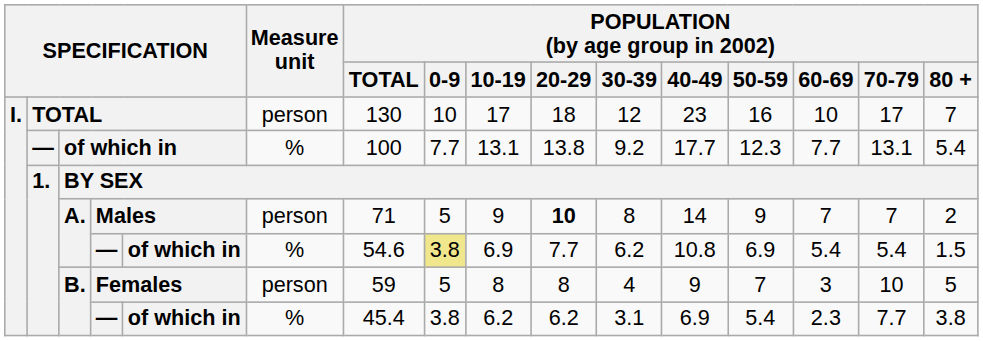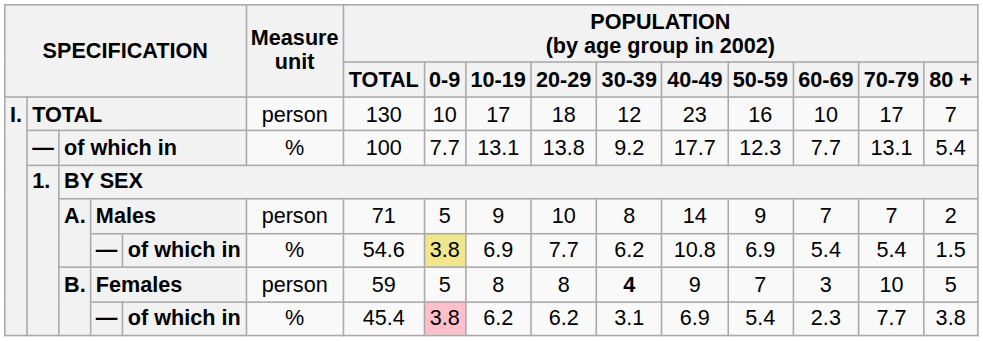 <table class="wikitable" style="font-size:85%; text-align:center">
 <tr>
 <th rowspan="2" colspan="5">SPECIFICATION</th>
 <th rowspan="2">Measure<br> unit</th>
 <th colspan="10" rowspan="1">POPULATION<br> (by age group in 2002)</th>
 </tr>
 <tr>
 <th>TOTAL</th>
 <th>0-9</th>
 <th>10-19</th>
 <th>20-29</th>
 <th>30-39</th>
 <th>40-49</th>
 <th>50-59</th>
 <th>60-69</th>
 <th>70-79</th>
 <th>80 +</th>
 </tr>
 <tr>
 <th style="text-align:left" valign="top" rowspan="7">I.</th>
 <th style="text-align:left" colspan="4">TOTAL</th>
 <td>person</td>
 <td>130</td>
 <td>10</td>
 <td>17</td>
 <td>18</td>
 <td>12</td>
 <td>23</td>
 <td>16</td>
 <td>10</td>
 <td>17</td>
 <td>7</td>
 </tr>
 <tr>
 <th style="text-align:left" valign="top">—</th>
 <th style="text-align:left" colspan="3">of which in</th>
 <td>%</td>
 <td>100</td>
 <td>7.7</td>
 <td>13.1</td>
 <td>13.8</td>
 <td>9.2</td>
 <td>17.7</td>
 <td>12.3</td>
 <td>7.7</td>
 <td>13.1</td>
 <td>5.4</td>
 </tr>
 <tr>
 <th style="text-align:left" valign="top" rowspan="5">1.</th>
 <th style="text-align:left" colspan="14">BY SEX</th>
 </tr>
 <tr>
 <th style="text-align:left" valign="top" rowspan="2">A.</th>
 <th style="text-align:left" colspan="2">Males</th>
 <td>person</td>
 <td>71</td>
 <td>5</td>
 <td>9</td>
-<td><strong>10</strong></td>
+<td>10</td>
 <td>8</td>
 <td>14</td>
 <td>9</td>
 <td>7</td>
 <td>7</td>
 <td>2</td>
 </tr>
 <tr>
 <th style="text-align:left" valign="top">—</th>
 <th style="text-align:left" colspan="1">of which in</th>
 <td>%</td>
 <td>54.6</td>
 <td style="background: khaki;">3.8</td>
 <td>6.9</td>
 <td>7.7</td>
 <td>6.2</td>
 <td>10.8</td>
 <td>6.9</td>
 <td>5.4</td>
 <td>5.4</td>
 <td>1.5</td>
 </tr>
 <tr>
 <th style="text-align:left" valign="top" rowspan="2">B.</th>
 <th style="text-align:left" colspan="2">Females</th>
 <td>person</td>
 <td>59</td>
 <td>5</td>
 <td>8</td>
 <td>8</td>
-<td>4</td>
+<td><strong>4</strong></td>
 <td>9</td>
 <td>7</td>
 <td>3</td>
 <td>10</td>
 <td>5</td>
 </tr>
 <tr>
 <th style="text-align:left" valign="top">—</th>
 <th style="text-align:left" colspan="1">of which in</th>
 <td>%</td>
 <td>45.4</td>
-<td>3.8</td>
+<td style="background: pink;">3.8</td>
 <td>6.2</td>
 <td>6.2</td>
 <td>3.1</td>
 <td>6.9</td>
 <td>5.4</td>
 <td>2.3</td>
 <td>7.7</td>
 <td>3.8</td>
 </tr>
 </table>
